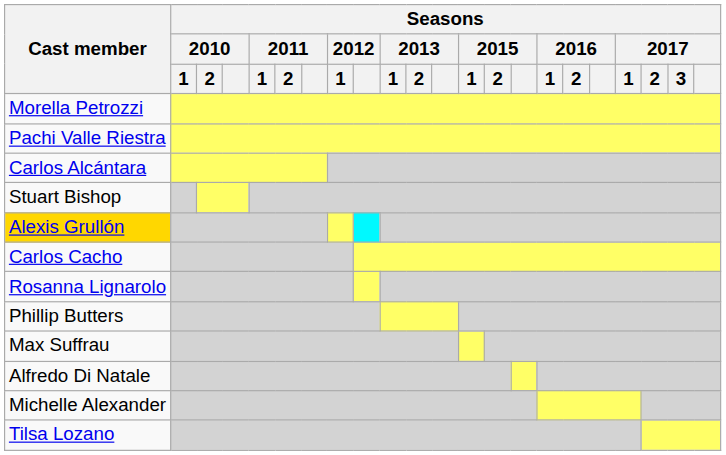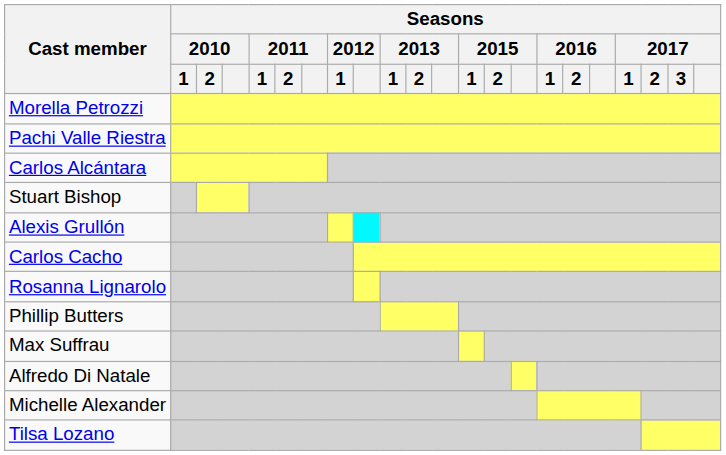 <table class="wikitable" style="margin:left; font-size:100%;">
 <tr>
 <th rowspan="3">Cast member</th>
 <th colspan=21 style=text-align:center;>Seasons</th>
 </tr>
 <tr>
 <th colspan="3">2010</th>
 <th colspan="3">2011</th>
 <th colspan="2">2012</th>
 <th colspan="3">2013</th>
 <th colspan="3">2015</th>
 <th colspan="3">2016</th>
 <th colspan="4">2017</th>
 </tr>
 <tr>
 <th width="15">1</th>
 <th width="15">2</th>
 <th width="15"></th>
 <th width="15">1</th>
 <th width="15">2</th>
 <th width="15"></th>
 <th width="15">1</th>
 <th width="15"></th>
 <th width="15">1</th>
 <th width="15">2</th>
 <th width="15"></th>
 <th width="15">1</th>
 <th width="15">2</th>
 <th width="15"></th>
 <th width="15">1</th>
 <th width="15">2</th>
 <th width="15"></th>
 <th width="15">1</th>
 <th width="15">2</th>
 <th width="15">3</th>
 <th width="15"></th>
 </tr>
 <tr>
 <td><a href='#'>Morella Petrozzi</a></td>
 <td colspan="21" style="background:#FF6;"></td>
 </tr>
 <tr>
 <td><a href='#'>Pachi Valle Riestra</a></td>
 <td colspan="21" style="background:#FF6;"></td>
 </tr>
 <tr>
 <td><a href='#'>Carlos Alcántara</a></td>
 <td colspan="6" style="background:#FF6;"></td>
 <td colspan="15" style="background:lightgrey;"></td>
 </tr>
 <tr>
 <td>Stuart Bishop</td>
 <td style="background:lightgrey;"></td>
 <td colspan="2" style="background:#FF6;"></td>
 <td colspan="18" style="background:lightgrey;"></td>
 </tr>
 <tr>
-<td style="background: gold;"><a href='#'>Alexis Grullón</a></td>
+<td><a href='#'>Alexis Grullón</a></td>
 <td colspan="6" style="background:lightgrey;"></td>
 <td style="background:#FF6;"></td>
 <td style="background:#00f9ff;"></td>
 <td colspan="13" style="background:lightgrey;"></td>
 </tr>
 <tr>
 <td><a href='#'>Carlos Cacho</a></td>
 <td colspan="7" style="background:lightgrey;"></td>
 <td colspan="14" style="background:#FF6;"></td>
 </tr>
 <tr>
 <td><a href='#'>Rosanna Lignarolo</a></td>
 <td colspan="7" style="background:lightgrey;"></td>
 <td style="background:#FF6;"></td>
 <td colspan="13" style="background:lightgrey;"></td>
 </tr>
 <tr>
 <td>Phillip Butters</td>
 <td colspan="8" style="background:lightgrey;"></td>
 <td colspan="3" style="background:#FF6;"></td>
 <td colspan="10" style="background:lightgrey;"></td>
 </tr>
 <tr>
 <td>Max Suffrau</td>
 <td colspan="11" style="background:lightgrey;"></td>
 <td style="background:#FF6;"></td>
 <td colspan="9" style="background:lightgrey;"></td>
 </tr>
 <tr>
 <td>Alfredo Di Natale</td>
 <td colspan="13" style="background:lightgrey;"></td>
 <td style="background:#FF6;"></td>
 <td colspan="7" style="background:lightgrey;"></td>
 </tr>
 <tr>
 <td>Michelle Alexander</td>
 <td colspan="14" style="background:lightgrey;"></td>
 <td colspan="4" style="background:#FF6;"></td>
 <td colspan="3" style="background:lightgrey;"></td>
 </tr>
 <tr>
 <td><a href='#'>Tilsa Lozano</a></td>
 <td colspan="18" style="background:lightgrey;"></td>
 <td colspan="3" style="background:#FF6;"></td>
 </tr>
 </table>
